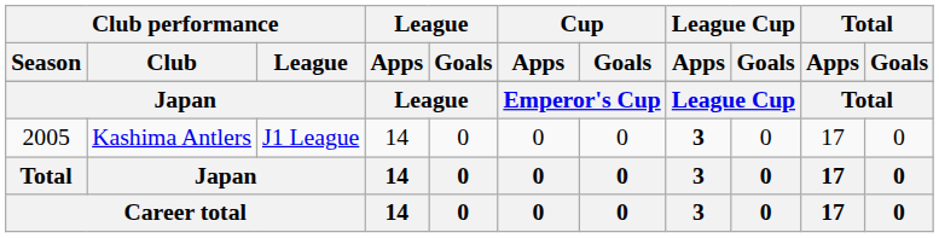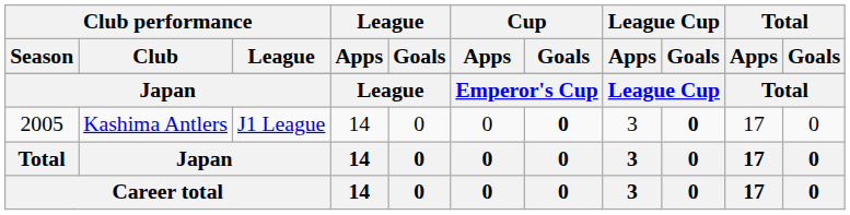 <table class="wikitable" style="text-align:center">
 <tr>
 <th colspan=3>Club performance</th>
 <th colspan=2>League</th>
 <th colspan=2>Cup</th>
 <th colspan=2>League Cup</th>
 <th colspan=2>Total</th>
 </tr>
 <tr>
 <th>Season</th>
 <th>Club</th>
 <th>League</th>
 <th>Apps</th>
 <th>Goals</th>
 <th>Apps</th>
 <th>Goals</th>
 <th>Apps</th>
 <th>Goals</th>
 <th>Apps</th>
 <th>Goals</th>
 </tr>
 <tr>
 </tr>
 <tr>
 <th colspan=3>Japan</th>
 <th colspan=2>League</th>
 <th colspan=2><a href='#'>Emperor's Cup</a></th>
 <th colspan=2><a href='#'>League Cup</a></th>
 <th colspan=2>Total</th>
 </tr>
 <tr>
 <td>2005</td>
 <td><a href='#'>Kashima Antlers</a></td>
 <td><a href='#'>J1 League</a></td>
 <td>14</td>
 <td>0</td>
 <td>0</td>
-<td>0</td>
-<td><strong>3</strong></td>
-<td>0</td>
+<td><strong>0</strong></td>
+<td>3</td>
+<td><strong>0</strong></td>
 <td>17</td>
 <td>0</td>
 </tr>
 <tr>
 <th rowspan=1>Total</th>
 <th colspan=2>Japan</th>
 <th>14</th>
 <th>0</th>
 <th>0</th>
 <th>0</th>
 <th>3</th>
 <th>0</th>
 <th>17</th>
 <th>0</th>
 </tr>
 <tr>
 <th colspan=3>Career total</th>
 <th>14</th>
 <th>0</th>
 <th>0</th>
 <th>0</th>
 <th>3</th>
 <th>0</th>
 <th>17</th>
 <th>0</th>
 </tr>
 </table>
